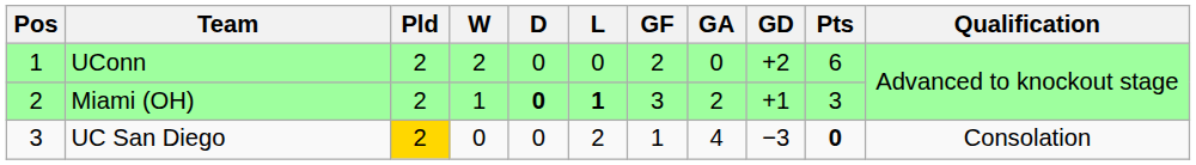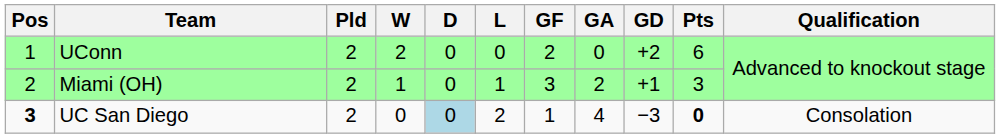 <table class="wikitable" style="text-align:center; margin: 1em auto">
 <tr>
 <th style="width:2em">Pos</th>
 <th style="width:13em">Team</th>
 <th style="width:2em">Pld</th>
 <th style="width:2em">W</th>
 <th style="width:2em">D</th>
 <th style="width:2em">L</th>
 <th style="width:2em">GF</th>
 <th style="width:2em">GA</th>
 <th style="width:2em">GD</th>
 <th style="width:2em">Pts</th>
 <th style="width:13em">Qualification</th>
 </tr>
 <tr bgcolor="#9eff9e">
 <td>1</td>
 <td style="text-align:left">UConn</td>
 <td>2</td>
 <td>2</td>
 <td>0</td>
 <td>0</td>
 <td>2</td>
 <td>0</td>
 <td>+2</td>
 <td>6</td>
 <td rowspan="2">Advanced to knockout stage</td>
 </tr>
 <tr bgcolor="#9eff9e">
 <td>2</td>
 <td style="text-align:left">Miami (OH)</td>
 <td>2</td>
 <td>1</td>
-<td><strong>0</strong></td>
-<td><strong>1</strong></td>
+<td>0</td>
+<td>1</td>
 <td>3</td>
 <td>2</td>
 <td>+1</td>
 <td>3</td>
 </tr>
 <tr>
-<td>3</td>
+<td><strong>3</strong></td>
 <td style="text-align:left">UC San Diego</td>
-<td style="background: gold;">2</td>
+<td>2</td>
 <td>0</td>
-<td>0</td>
+<td style="background: lightblue;">0</td>
 <td>2</td>
 <td>1</td>
 <td>4</td>
 <td>−3</td>
 <td><strong>0</strong></td>
 <td>Consolation</td>
 </tr>
 </table>
